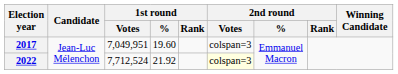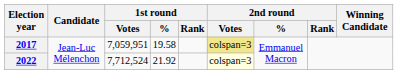 <table class="wikitable" style="text-align:center;">
 <tr>
 <th rowspan="2">Election year</th>
 <th rowspan="2">Candidate</th>
 <th colspan="3">1st round</th>
 <th colspan="3">2nd round</th>
 <th rowspan="2">Winning Candidate</th>
 </tr>
 <tr>
 <th>Votes</th>
 <th>%</th>
 <th>Rank</th>
 <th>Votes</th>
 <th>%</th>
 <th>Rank</th>
 </tr>
 <tr>
 <th><a href='#'>2017</a></th>
 <td rowspan="2"><a href='#'>Jean-Luc Mélenchon</a></td>
-<td>7,049,951</td>
-<td>19.60</td>
+<td>7,059,951</td>
+<td>19.58</td>
 <td></td>
-<td>colspan=3 </td>
+<td style="background: khaki;">colspan=3 </td>
 <td rowspan="2"><a href='#'>Emmanuel Macron</a></td>
 </tr>
 <tr>
 <th><a href='#'>2022</a></th>
 <td>7,712,524</td>
 <td>21.92</td>
 <td></td>
 <td style="background: lightyellow;">colspan=3 </td>
 </tr>
 </table>
